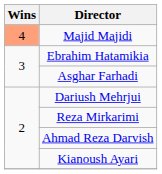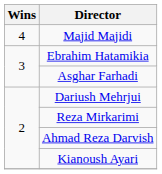 <table class="wikitable" style="text-align:center;">
 <tr>
 <th>Wins</th>
 <th>Director</th>
 </tr>
 <tr>
-<td style="background: lightsalmon; text-align:center;">4</td>
+<td style="text-align:center;">4</td>
 <td><a href='#'>Majid Majidi</a></td>
 </tr>
 <tr>
 <td rowspan=2 style="text-align:center;">3</td>
 <td><a href='#'>Ebrahim Hatamikia</a></td>
 </tr>
 <tr>
 <td><a href='#'>Asghar Farhadi</a></td>
 </tr>
 <tr>
 <td rowspan=4 style="text-align:center;">2</td>
 <td><a href='#'>Dariush Mehrjui</a></td>
 </tr>
 <tr>
 <td><a href='#'>Reza Mirkarimi</a></td>
 </tr>
 <tr>
 <td><a href='#'>Ahmad Reza Darvish</a></td>
 </tr>
 <tr>
 <td><a href='#'>Kianoush Ayari</a></td>
 </tr>
 <tr>
 </tr>
 </table>
